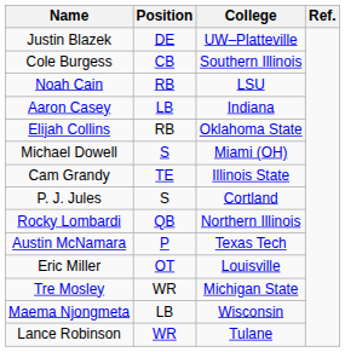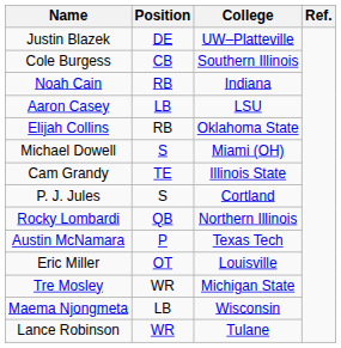 <table class="wikitable" style="text-align:center">
 <tr>
 <th>Name</th>
 <th>Position</th>
 <th>College</th>
 <th>Ref.</th>
 </tr>
 <tr>
 <td>Justin Blazek</td>
 <td><a href='#'>DE</a></td>
 <td><a href='#'>UW–Platteville</a></td>
 <td rowspan="14"></td>
 </tr>
 <tr>
 <td>Cole Burgess</td>
 <td><a href='#'>CB</a></td>
 <td><a href='#'>Southern Illinois</a></td>
 </tr>
 <tr>
 <td><a href='#'>Noah Cain</a></td>
 <td><a href='#'>RB</a></td>
-<td><a href='#'>LSU</a></td>
+<td><a href='#'>Indiana</a></td>
 </tr>
 <tr>
 <td><a href='#'>Aaron Casey</a></td>
 <td><a href='#'>LB</a></td>
-<td><a href='#'>Indiana</a></td>
+<td><a href='#'>LSU</a></td>
 </tr>
 <tr>
 <td><a href='#'>Elijah Collins</a></td>
 <td>RB</td>
 <td><a href='#'>Oklahoma State</a></td>
 </tr>
 <tr>
 <td>Michael Dowell</td>
 <td><a href='#'>S</a></td>
 <td><a href='#'>Miami (OH)</a></td>
 </tr>
 <tr>
 <td>Cam Grandy</td>
 <td><a href='#'>TE</a></td>
 <td><a href='#'>Illinois State</a></td>
 </tr>
 <tr>
 <td>P. J. Jules</td>
 <td>S</td>
 <td><a href='#'>Cortland</a></td>
 </tr>
 <tr>
 <td><a href='#'>Rocky Lombardi</a></td>
 <td><a href='#'>QB</a></td>
 <td><a href='#'>Northern Illinois</a></td>
 </tr>
 <tr>
 <td><a href='#'>Austin McNamara</a></td>
 <td><a href='#'>P</a></td>
 <td><a href='#'>Texas Tech</a></td>
 </tr>
 <tr>
 <td>Eric Miller</td>
 <td><a href='#'>OT</a></td>
 <td><a href='#'>Louisville</a></td>
 </tr>
 <tr>
 <td><a href='#'>Tre Mosley</a></td>
 <td>WR</td>
 <td><a href='#'>Michigan State</a></td>
 </tr>
 <tr>
 <td><a href='#'>Maema Njongmeta</a></td>
 <td>LB</td>
 <td><a href='#'>Wisconsin</a></td>
 </tr>
 <tr>
 <td>Lance Robinson</td>
 <td><a href='#'>WR</a></td>
 <td><a href='#'>Tulane</a></td>
 </tr>
 </table>
